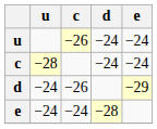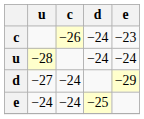 <table class="wikitable" style="text-align: center">
 <tr>
 <th style="width: 20px;"></th>
 <th style="width: 20px;">u</th>
 <th style="width: 20px;">c</th>
 <th style="width: 20px;">d</th>
 <th style="width: 20px;">e</th>
 </tr>
 <tr>
-<th>u</th>
+<th>c</th>
 <td></td>
 <td style=background:#ffffcc;>−26</td>
 <td>−24</td>
-<td>−24</td>
+<td>−23</td>
 </tr>
 <tr>
-<th>c</th>
+<th>u</th>
 <td style=background:#ffffcc;>−28</td>
 <td></td>
 <td>−24</td>
 <td>−24</td>
 </tr>
 <tr>
 <th>d</th>
+<td>−27</td>
 <td>−24</td>
-<td>−26</td>
 <td></td>
 <td style=background:#ffffcc;>−29</td>
 </tr>
 <tr>
 <th>e</th>
 <td>−24</td>
 <td>−24</td>
-<td style=background:#ffffcc;>−28</td>
+<td style=background:#ffffcc;>−25</td>
 <td></td>
 </tr>
 <tr>
 </tr>
 </table>
